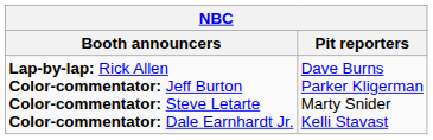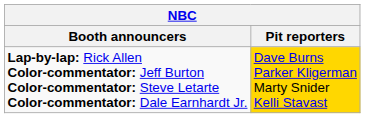 <table class="wikitable" style="font-size: 95%">
 <tr>
 <th colspan="2"><a href='#'>NBC</a></th>
 </tr>
 <tr>
 <th>Booth announcers</th>
 <th>Pit reporters</th>
 </tr>
 <tr>
 <td><strong>Lap-by-lap:</strong> <a href='#'>Rick Allen</a><br><strong>Color-commentator:</strong> <a href='#'>Jeff Burton</a><br><strong>Color-commentator:</strong> <a href='#'>Steve Letarte</a><br><strong>Color-commentator:</strong> <a href='#'>Dale Earnhardt Jr.</a></td>
-<td><a href='#'>Dave Burns</a><br><a href='#'>Parker Kligerman</a><br>Marty Snider<br><a href='#'>Kelli Stavast</a></td>
+<td style="background: gold;"><a href='#'>Dave Burns</a><br><a href='#'>Parker Kligerman</a><br>Marty Snider<br><a href='#'>Kelli Stavast</a></td>
 </tr>
 </table>
